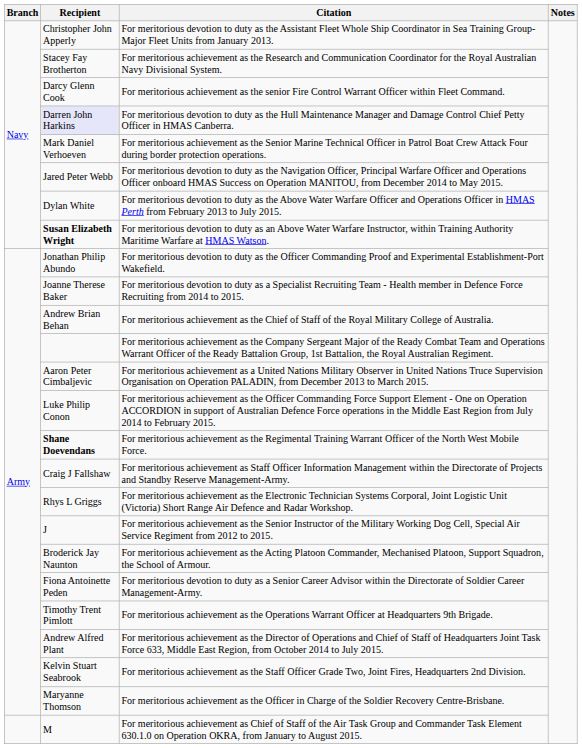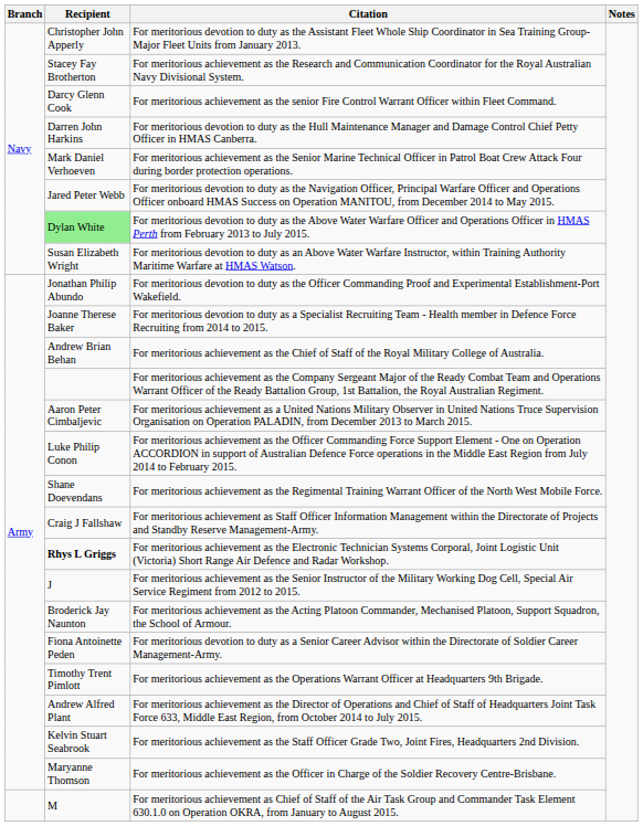 <table class="wikitable" style="font-size:95%;">
 <tr>
 <th>Branch</th>
 <th>Recipient</th>
 <th>Citation</th>
 <th>Notes</th>
 </tr>
 <tr>
 <td rowspan=8><a href='#'>Navy</a></td>
 <td> Christopher John Apperly</td>
 <td>For meritorious devotion to duty as the Assistant Fleet Whole Ship Coordinator in Sea Training Group-Major Fleet Units from January 2013.</td>
 <td rowspan=25></td>
 </tr>
 <tr>
 <td> Stacey Fay Brotherton</td>
 <td>For meritorious achievement as the Research and Communication Coordinator for the Royal Australian Navy Divisional System.</td>
 </tr>
 <tr>
 <td> Darcy Glenn Cook</td>
 <td>For meritorious achievement as the senior Fire Control Warrant Officer within Fleet Command.</td>
 </tr>
 <tr>
-<td style="background: lavender;"> Darren John Harkins</td>
+<td> Darren John Harkins</td>
 <td>For meritorious devotion to duty as the Hull Maintenance Manager and Damage Control Chief Petty Officer in HMAS Canberra.</td>
 </tr>
 <tr>
 <td> Mark Daniel Verhoeven</td>
 <td>For meritorious achievement as the Senior Marine Technical Officer in Patrol Boat Crew Attack Four during border protection operations.</td>
 </tr>
 <tr>
 <td> Jared Peter Webb </td>
 <td>For meritorious devotion to duty as the Navigation Officer, Principal Warfare Officer and Operations Officer onboard HMAS Success on Operation MANITOU, from December 2014 to May 2015.</td>
 </tr>
 <tr>
-<td> Dylan White </td>
+<td style="background: lightgreen;"> Dylan White </td>
 <td>For meritorious devotion to duty as the Above Water Warfare Officer and Operations Officer in <a href='#'>HMAS <em>Perth</em></a> from February 2013 to July 2015.</td>
 </tr>
 <tr>
-<td><strong> Susan Elizabeth Wright</strong></td>
+<td> Susan Elizabeth Wright</td>
 <td>For meritorious devotion to duty as an Above Water Warfare Instructor, within Training Authority Maritime Warfare at <a href='#'>HMAS Watson</a>.</td>
 </tr>
 <tr>
 <td rowspan=16><a href='#'>Army</a></td>
 <td> Jonathan Philip Abundo</td>
 <td>For meritorious devotion to duty as the Officer Commanding Proof and Experimental Establishment-Port Wakefield.</td>
 </tr>
 <tr>
 <td> Joanne Therese Baker</td>
 <td>For meritorious devotion to duty as a Specialist Recruiting Team - Health member in Defence Force Recruiting from 2014 to 2015.</td>
 </tr>
 <tr>
 <td> Andrew Brian Behan</td>
 <td>For meritorious achievement as the Chief of Staff of the Royal Military College of Australia.</td>
 </tr>
 <tr>
 <td></td>
 <td>For meritorious achievement as the Company Sergeant Major of the Ready Combat Team and Operations Warrant Officer of the Ready Battalion Group, 1st Battalion, the Royal Australian Regiment.</td>
 </tr>
 <tr>
 <td> Aaron Peter Cimbaljevic</td>
 <td>For meritorious achievement as a United Nations Military Observer in United Nations Truce Supervision Organisation on Operation PALADIN, from December 2013 to March 2015.</td>
 </tr>
 <tr>
 <td> Luke Philip Conon</td>
 <td>For meritorious achievement as the Officer Commanding Force Support Element - One on Operation ACCORDION in support of Australian Defence Force operations in the Middle East Region from July 2014 to February 2015.</td>
 </tr>
 <tr>
-<td><strong> Shane Doevendans</strong></td>
+<td> Shane Doevendans</td>
 <td>For meritorious achievement as the Regimental Training Warrant Officer of the North West Mobile Force.</td>
 </tr>
 <tr>
 <td> Craig J Fallshaw</td>
 <td>For meritorious achievement as Staff Officer Information Management within the Directorate of Projects and Standby Reserve Management-Army.</td>
 </tr>
 <tr>
-<td> Rhys L Griggs</td>
+<td><strong> Rhys L Griggs</strong></td>
 <td>For meritorious achievement as the Electronic Technician Systems Corporal, Joint Logistic Unit (Victoria) Short Range Air Defence and Radar Workshop.</td>
 </tr>
 <tr>
 <td> J</td>
 <td>For meritorious achievement as the Senior Instructor of the Military Working Dog Cell, Special Air Service Regiment from 2012 to 2015.</td>
 </tr>
 <tr>
 <td> Broderick Jay Naunton</td>
 <td>For meritorious achievement as the Acting Platoon Commander, Mechanised Platoon, Support Squadron, the School of Armour.</td>
 </tr>
 <tr>
 <td> Fiona Antoinette Peden</td>
 <td>For meritorious devotion to duty as a Senior Career Advisor within the Directorate of Soldier Career Management-Army.</td>
 </tr>
 <tr>
 <td> Timothy Trent Pimlott</td>
 <td>For meritorious achievement as the Operations Warrant Officer at Headquarters 9th Brigade.</td>
 </tr>
 <tr>
 <td> Andrew Alfred Plant</td>
 <td>For meritorious achievement as the Director of Operations and Chief of Staff of Headquarters Joint Task Force 633, Middle East Region, from October 2014 to July 2015.</td>
 </tr>
 <tr>
 <td> Kelvin Stuart Seabrook</td>
 <td>For meritorious achievement as the Staff Officer Grade Two, Joint Fires, Headquarters 2nd Division.</td>
 </tr>
 <tr>
 <td> Maryanne Thomson</td>
 <td>For meritorious achievement as the Officer in Charge of the Soldier Recovery Centre-Brisbane.</td>
 </tr>
 <tr>
 <td></td>
 <td> M</td>
 <td>For meritorious achievement as Chief of Staff of the Air Task Group and Commander Task Element 630.1.0 on Operation OKRA, from January to August 2015.</td>
 </tr>
 </table>
